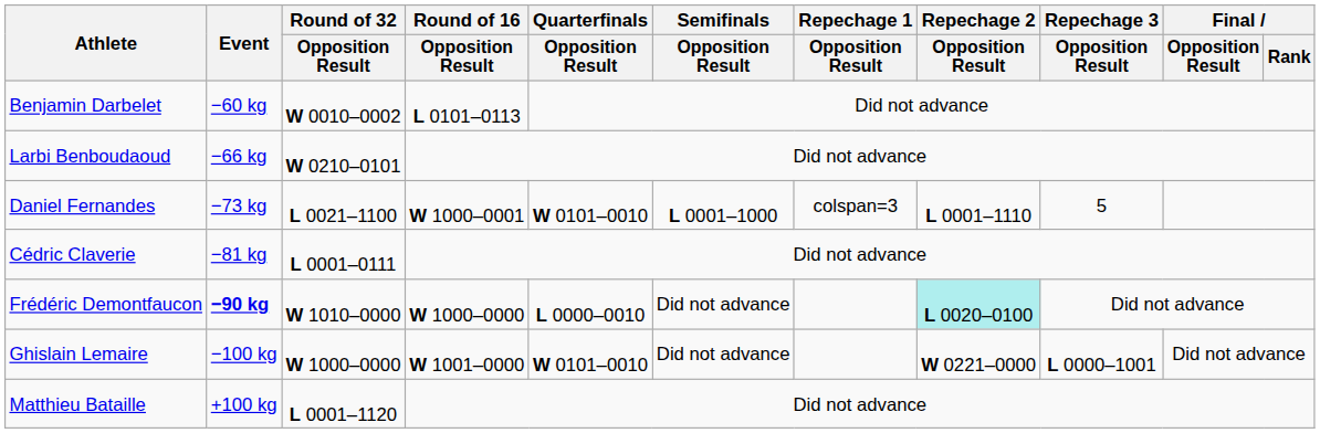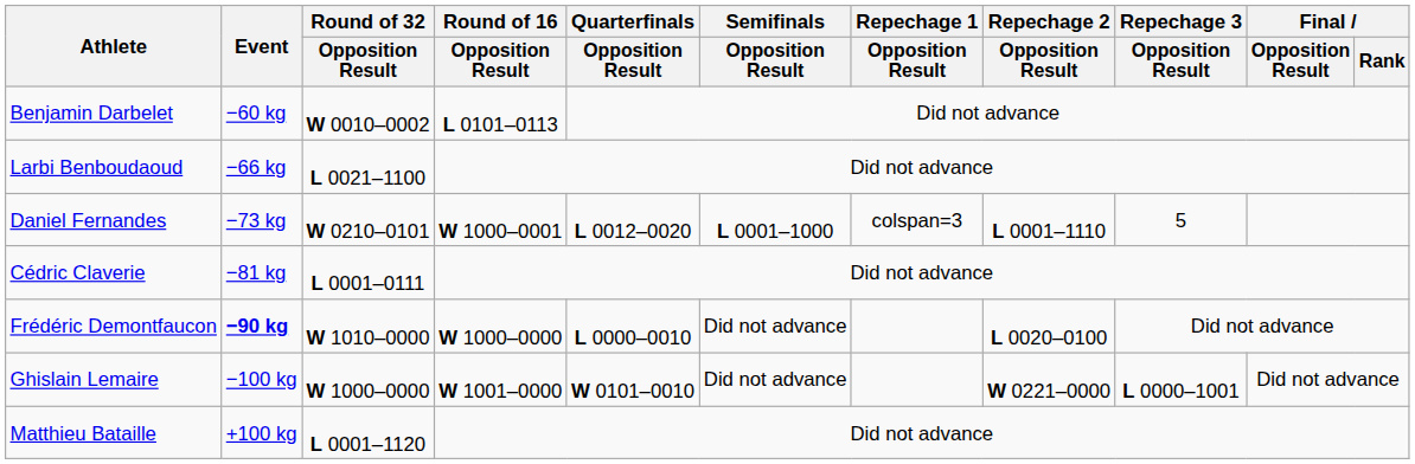 <table class="wikitable" style="font-size:90%">
 <tr>
 <th rowspan="2">Athlete</th>
 <th rowspan="2">Event</th>
 <th>Round of 32</th>
 <th>Round of 16</th>
 <th>Quarterfinals</th>
 <th>Semifinals</th>
 <th>Repechage 1</th>
 <th>Repechage 2</th>
 <th>Repechage 3</th>
 <th colspan=2>Final / </th>
 </tr>
 <tr style="font-size:95%">
 <th>Opposition<br>Result</th>
 <th>Opposition<br>Result</th>
 <th>Opposition<br>Result</th>
 <th>Opposition<br>Result</th>
 <th>Opposition<br>Result</th>
 <th>Opposition<br>Result</th>
 <th>Opposition<br>Result</th>
 <th>Opposition<br>Result</th>
 <th>Rank</th>
 </tr>
 <tr align=center>
 <td align=left><a href='#'>Benjamin Darbelet</a></td>
 <td align=left><a href='#'>−60 kg</a></td>
 <td><br><strong>W</strong> 0010–0002</td>
 <td><br><strong>L</strong> 0101–0113</td>
 <td colspan=7>Did not advance</td>
 </tr>
 <tr align=center>
 <td align=left><a href='#'>Larbi Benboudaoud</a></td>
 <td align=left><a href='#'>−66 kg</a></td>
-<td><br><strong>W</strong> 0210–0101</td>
+<td><br><strong>L</strong> 0021–1100</td>
 <td colspan=8>Did not advance</td>
 </tr>
 <tr align=center>
 <td align=left><a href='#'>Daniel Fernandes</a></td>
 <td align=left><a href='#'>−73 kg</a></td>
-<td><br><strong>L</strong> 0021–1100</td>
+<td><br><strong>W</strong> 0210–0101</td>
 <td><br><strong>W</strong> 1000–0001</td>
-<td><br><strong>W</strong> 0101–0010</td>
+<td><br><strong>L</strong> 0012–0020</td>
 <td><br><strong>L</strong> 0001–1000</td>
 <td>colspan=3 </td>
 <td><br><strong>L</strong> 0001–1110</td>
 <td>5</td>
 </tr>
 <tr align=center>
 <td align=left><a href='#'>Cédric Claverie</a></td>
 <td align=left><a href='#'>−81 kg</a></td>
 <td><br><strong>L</strong> 0001–0111</td>
 <td colspan=8>Did not advance</td>
 </tr>
 <tr align=center>
 <td align=left><a href='#'>Frédéric Demontfaucon</a></td>
 <td align=left><strong><a href='#'>−90 kg</a></strong></td>
 <td><br><strong>W</strong> 1010–0000</td>
 <td><br><strong>W</strong> 1000–0000</td>
 <td><br><strong>L</strong> 0000–0010</td>
 <td>Did not advance</td>
 <td></td>
-<td style="background: paleturquoise;"><br><strong>L</strong> 0020–0100</td>
+<td><br><strong>L</strong> 0020–0100</td>
 <td colspan=3>Did not advance</td>
 </tr>
 <tr align=center>
 <td align=left><a href='#'>Ghislain Lemaire</a></td>
 <td align=left><a href='#'>−100 kg</a></td>
 <td><br><strong>W</strong> 1000–0000</td>
 <td><br><strong>W</strong> 1001–0000</td>
 <td><br><strong>W</strong> 0101–0010</td>
 <td>Did not advance</td>
 <td></td>
 <td><br><strong>W</strong> 0221–0000</td>
 <td><br><strong>L</strong> 0000–1001</td>
 <td colspan=3>Did not advance</td>
 </tr>
 <tr align=center>
 <td align=left><a href='#'>Matthieu Bataille</a></td>
 <td align=left><a href='#'>+100 kg</a></td>
 <td><br><strong>L</strong> 0001–1120</td>
 <td colspan=8>Did not advance</td>
 </tr>
 </table>
